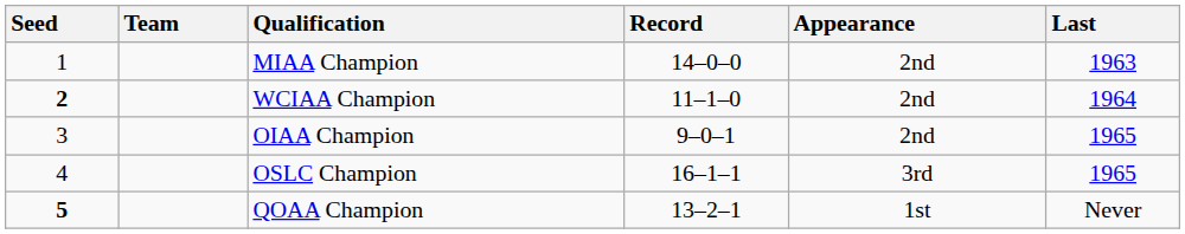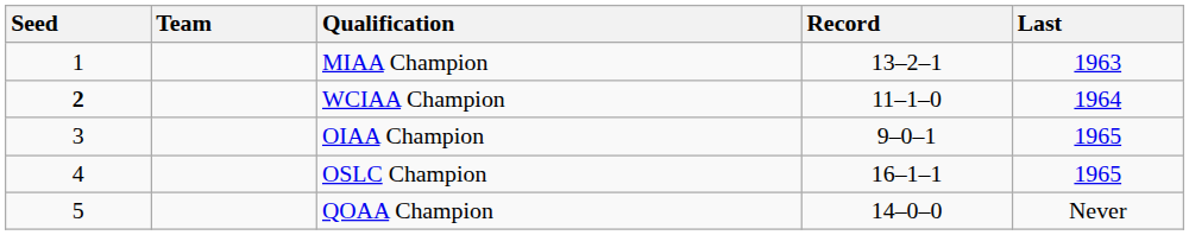 <table class="wikitable sortable" style="text-align: center;" width=800>
 <tr style="background:#efefef; text-align:center">
 <th style="text-align:left">Seed</th>
 <th style="text-align:left">Team</th>
 <th style="text-align:left">Qualification</th>
 <th style="text-align:left">Record</th>
-<th style="text-align:left">Appearance</th>
 <th style="text-align:left">Last</th>
 </tr>
 <tr style="text-align:center">
 <td style="text-align:center">1</td>
 <td style="text-align:left; "><a href='#'></a></td>
 <td style="text-align:left"><a href='#'>MIAA</a> Champion</td>
-<td style="text-align:center">14–0–0</td>
-<td style="text-align:center">2nd</td>
+<td style="text-align:center">13–2–1</td>
 <td style="text-align:center"><a href='#'>1963</a></td>
 </tr>
 <tr style="text-align:center">
 <td style="text-align:center"><strong>2</strong></td>
 <td style="text-align:left; "><a href='#'></a></td>
 <td style="text-align:left"><a href='#'>WCIAA</a> Champion</td>
 <td style="text-align:center">11–1–0</td>
-<td style="text-align:center">2nd</td>
 <td style="text-align:center"><a href='#'>1964</a></td>
 </tr>
 <tr style="text-align:center">
 <td style="text-align:center">3</td>
 <td style="text-align:left; "><a href='#'></a></td>
 <td style="text-align:left"><a href='#'>OIAA</a> Champion</td>
 <td style="text-align:center">9–0–1</td>
-<td style="text-align:center">2nd</td>
 <td style="text-align:center"><a href='#'>1965</a></td>
 </tr>
 <tr style="text-align:center">
 <td style="text-align:center">4</td>
 <td style="text-align:left; "><a href='#'></a></td>
 <td style="text-align:left"><a href='#'>OSLC</a> Champion</td>
 <td style="text-align:center">16–1–1</td>
-<td style="text-align:center">3rd</td>
 <td style="text-align:center"><a href='#'>1965</a></td>
 </tr>
 <tr style="text-align:center">
-<td style="text-align:center"><strong>5</strong></td>
+<td style="text-align:center">5</td>
 <td style="text-align:left; "><a href='#'></a></td>
 <td style="text-align:left"><a href='#'>QOAA</a> Champion</td>
-<td style="text-align:center">13–2–1</td>
-<td style="text-align:center">1st</td>
+<td style="text-align:center">14–0–0</td>
 <td style="text-align:center">Never</td>
 </tr>
 </table>
